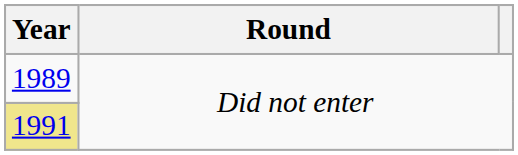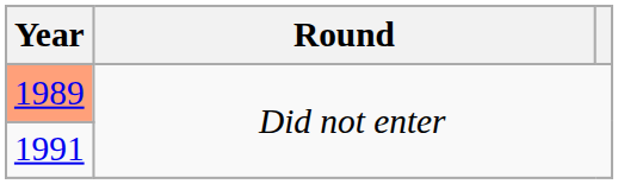 <table class="wikitable" style="text-align: center; font-size:90%">
 <tr>
 <th>Year</th>
 <th style="width:200px">Round</th>
 <th></th>
 </tr>
 <tr>
-<td><a href='#'>1989</a></td>
+<td style="background: lightsalmon;"><a href='#'>1989</a></td>
 <td colspan="2" rowspan="2"><em>Did not enter</em></td>
 </tr>
 <tr>
-<td style="background: khaki;"><a href='#'>1991</a></td>
+<td><a href='#'>1991</a></td>
 </tr>
 </table>
